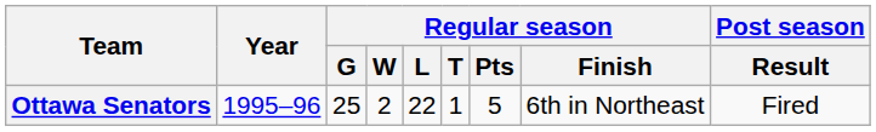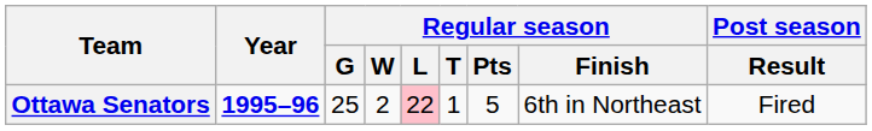 <table class="wikitable" style="font-size: 95%; text-align:center;">
 <tr>
 <th rowspan="2">Team</th>
 <th rowspan="2">Year</th>
 <th colspan="6"><a href='#'>Regular season</a></th>
 <th colspan="1"><a href='#'>Post season</a></th>
 </tr>
 <tr>
 <th>G</th>
 <th>W</th>
 <th>L</th>
 <th>T</th>
 <th>Pts</th>
 <th>Finish</th>
 <th>Result</th>
 </tr>
 <tr>
 <th><a href='#'>Ottawa Senators</a></th>
-<td><a href='#'>1995–96</a></td>
+<td><strong><a href='#'>1995–96</a></strong></td>
 <td>25</td>
 <td>2</td>
-<td>22</td>
+<td style="background: pink;">22</td>
 <td>1</td>
 <td>5</td>
 <td>6th in Northeast</td>
 <td>Fired</td>
 </tr>
 </table>
